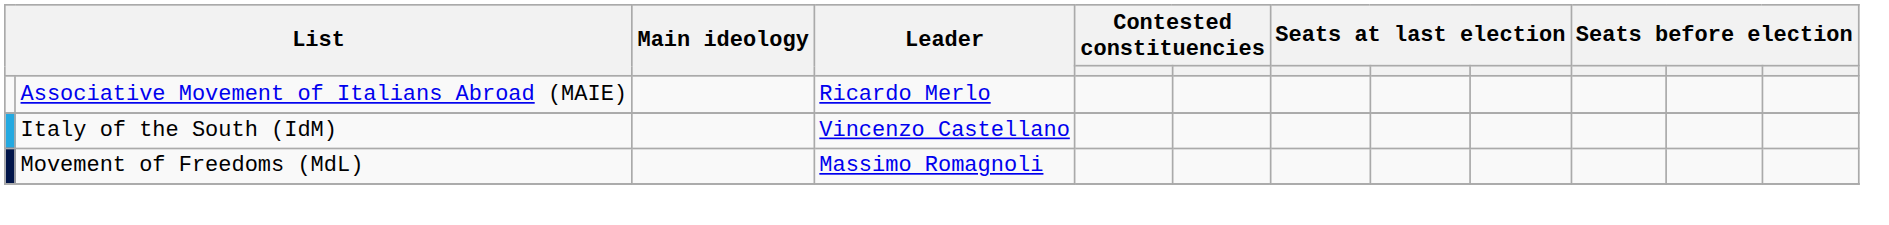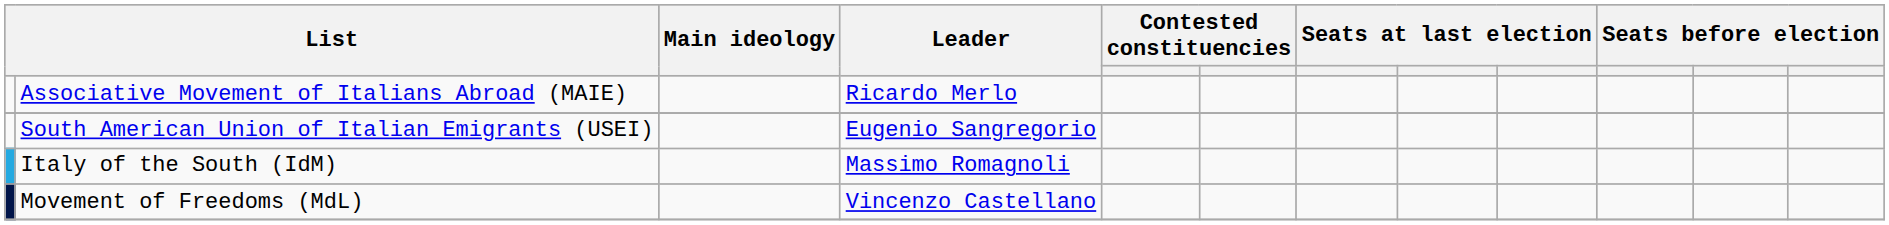 <table class=wikitable style=text-align:left>
 <tr>
 <th rowspan=2 colspan="2">List</th>
 <th rowspan=2>Main ideology</th>
 <th rowspan=2>Leader</th>
 <th colspan="2">Contested<br> constituencies</th>
 <th colspan="3">Seats at last election</th>
 <th colspan="3">Seats before election</th>
 </tr>
 <tr>
 <th></th>
 <th></th>
 <th></th>
 <th></th>
 <th></th>
 <th></th>
 <th></th>
 <th></th>
 </tr>
 <tr>
 <td style="background:"></td>
 <td><a href='#'>Associative Movement of Italians Abroad</a> (MAIE)</td>
 <td></td>
 <td><a href='#'>Ricardo Merlo</a></td>
 <td></td>
 <td></td>
 <td></td>
 <td></td>
 <td></td>
 <td></td>
 <td></td>
 <td></td>
 </tr>
 <tr>
 </tr>
 <tr>
+<td style="background:"></td>
+<td><a href='#'>South American Union of Italian Emigrants</a> (USEI)</td>
+<td></td>
+<td><a href='#'>Eugenio Sangregorio</a></td>
+<td></td>
+<td></td>
+<td></td>
+<td></td>
+<td></td>
+<td></td>
+<td></td>
+<td></td>
+</tr>
+<tr>
 <td style="background:#23a9e1"></td>
 <td>Italy of the South (IdM)</td>
 <td></td>
-<td><a href='#'>Vincenzo Castellano</a></td>
+<td><a href='#'>Massimo Romagnoli</a></td>
 <td></td>
 <td></td>
 <td></td>
 <td></td>
 <td></td>
 <td></td>
 <td></td>
 <td></td>
 </tr>
 <tr>
 <td style="background:#001449"></td>
 <td>Movement of Freedoms (MdL)</td>
 <td></td>
-<td><a href='#'>Massimo Romagnoli</a></td>
+<td><a href='#'>Vincenzo Castellano</a></td>
 <td></td>
 <td></td>
 <td></td>
 <td></td>
 <td></td>
 <td></td>
 <td></td>
 <td></td>
 </tr>
 <tr>
 </tr>
 </table>
